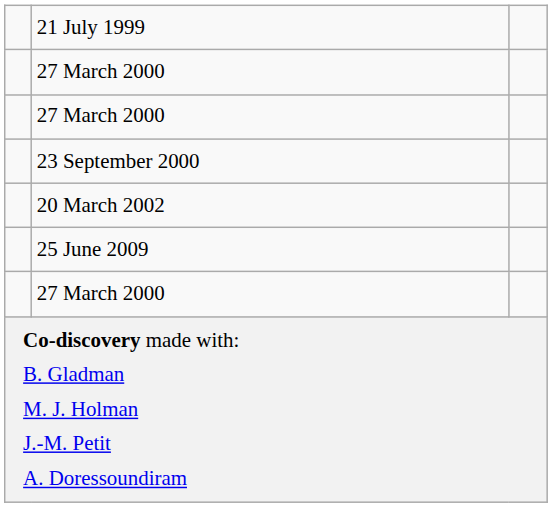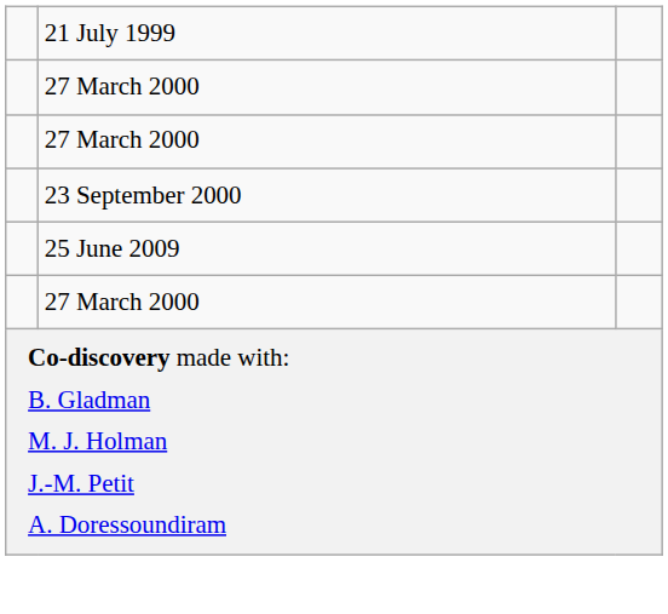 <table class="wikitable" style="font-size: 89%; float: left; width: 26em; margin-right: 1em; line-height: 1.65em !important; height: 275px;">
 <tr>
 <td></td>
 <td>21 July 1999</td>
 <td> </td>
 </tr>
 <tr>
 <td></td>
 <td>27 March 2000</td>
 <td> </td>
 </tr>
 <tr>
 <td></td>
 <td>27 March 2000</td>
 <td> </td>
 </tr>
 <tr>
 <td></td>
 <td>23 September 2000</td>
 <td> </td>
 </tr>
 <tr>
 <td></td>
-<td>20 March 2002</td>
-<td> </td>
-</tr>
-<tr>
-<td></td>
 <td>25 June 2009</td>
 <td> </td>
 </tr>
 <tr>
 <td></td>
 <td>27 March 2000</td>
 <td> </td>
 </tr>
 <tr>
 <th colspan=3 style="font-weight: normal; text-align: left; padding: 4px 12px;"><strong>Co-discovery</strong> made with:<br> <a href='#'>B. Gladman</a><br> <a href='#'>M. J. Holman</a><br> <a href='#'>J.-M. Petit</a><br> <a href='#'>A. Doressoundiram</a></th>
 </tr>
 </table>
